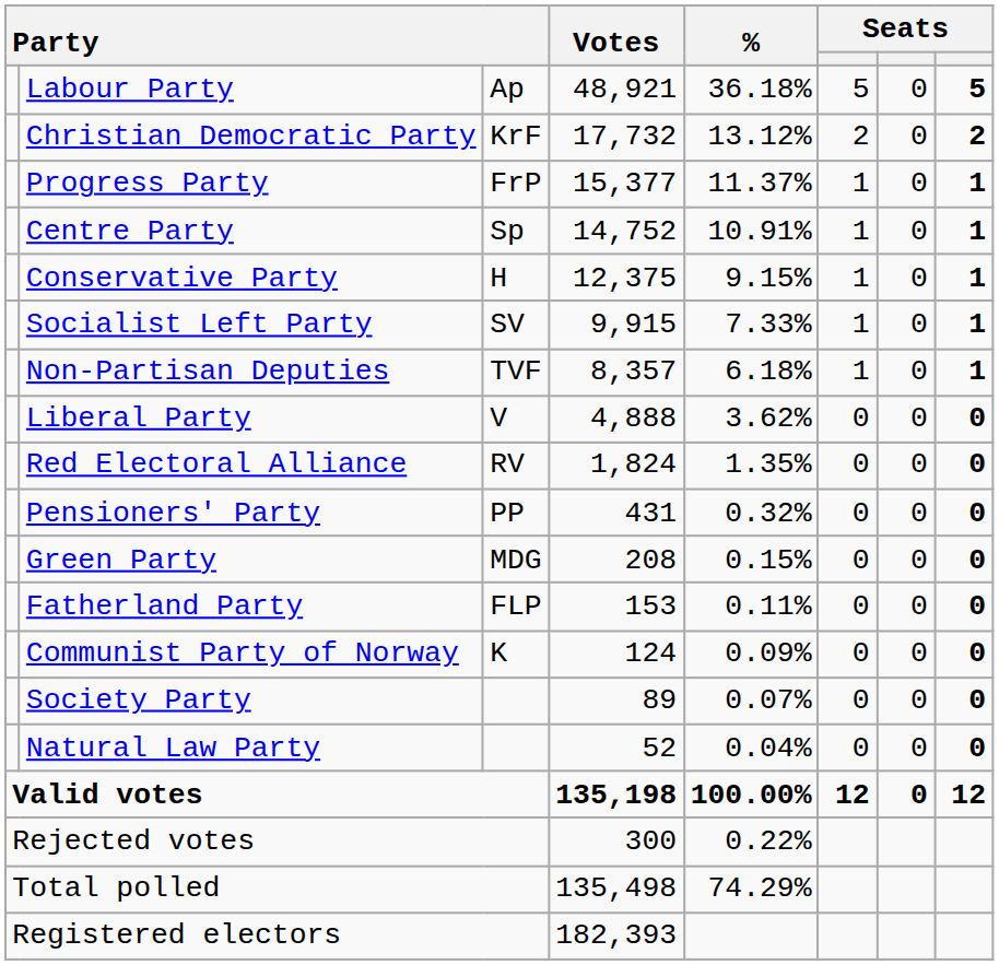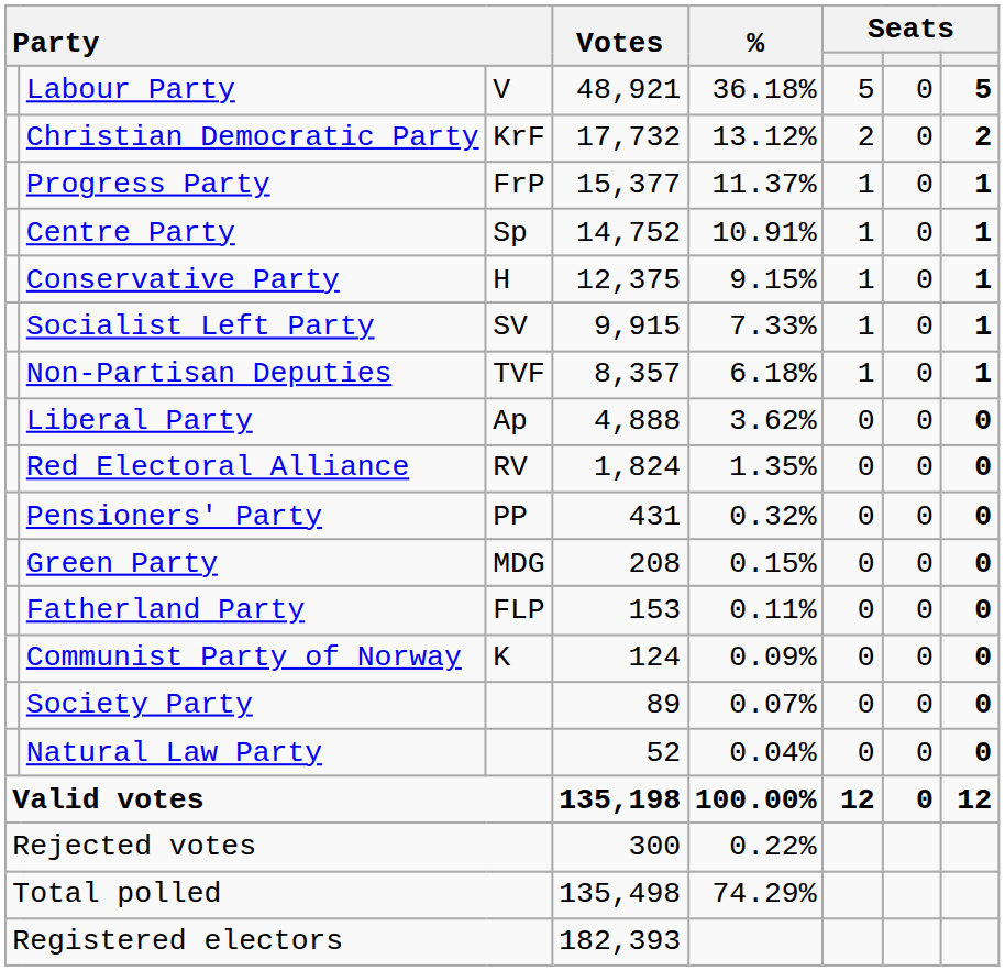 <table class="wikitable" border="1" style="text-align:right;">
 <tr>
 <th style="text-align:left;" valign=bottom rowspan=2 colspan=3>Party</th>
 <th align=center valign=bottom rowspan=2 width="50">Votes</th>
 <th align=center valign=bottom rowspan=2 width="50">%</th>
 <th colspan=3>Seats</th>
 </tr>
 <tr>
 <th align=center valign=bottom width="20"><small></small></th>
 <th align=center valign=bottom width="20"><small><a href='#'></a></small></th>
 <th align=center valign=bottom width="20"><small></small></th>
 </tr>
 <tr>
 <td style="color:inherit;background:"></td>
 <td align=left><a href='#'>Labour Party</a></td>
-<td align=left>Ap</td>
+<td align=left>V</td>
 <td>48,921</td>
 <td>36.18%</td>
 <td>5</td>
 <td>0</td>
 <td><strong>5</strong></td>
 </tr>
 <tr>
 <td style="color:inherit;background:"></td>
 <td align=left><a href='#'>Christian Democratic Party</a></td>
 <td align=left>KrF</td>
 <td>17,732</td>
 <td>13.12%</td>
 <td>2</td>
 <td>0</td>
 <td><strong>2</strong></td>
 </tr>
 <tr>
 <td style="color:inherit;background:"></td>
 <td align=left><a href='#'>Progress Party</a></td>
 <td align=left>FrP</td>
 <td>15,377</td>
 <td>11.37%</td>
 <td>1</td>
 <td>0</td>
 <td><strong>1</strong></td>
 </tr>
 <tr>
 <td style="color:inherit;background:"></td>
 <td align=left><a href='#'>Centre Party</a></td>
 <td align=left>Sp</td>
 <td>14,752</td>
 <td>10.91%</td>
 <td>1</td>
 <td>0</td>
 <td><strong>1</strong></td>
 </tr>
 <tr>
 <td style="color:inherit;background:"></td>
 <td align=left><a href='#'>Conservative Party</a></td>
 <td align=left>H</td>
 <td>12,375</td>
 <td>9.15%</td>
 <td>1</td>
 <td>0</td>
 <td><strong>1</strong></td>
 </tr>
 <tr>
 <td style="color:inherit;background:"></td>
 <td align=left><a href='#'>Socialist Left Party</a></td>
 <td align=left>SV</td>
 <td>9,915</td>
 <td>7.33%</td>
 <td>1</td>
 <td>0</td>
 <td><strong>1</strong></td>
 </tr>
 <tr>
 <td></td>
 <td align=left><a href='#'>Non-Partisan Deputies</a></td>
 <td align=left>TVF</td>
 <td>8,357</td>
 <td>6.18%</td>
 <td>1</td>
 <td>0</td>
 <td><strong>1</strong></td>
 </tr>
 <tr>
 <td style="color:inherit;background:"></td>
 <td align=left><a href='#'>Liberal Party</a></td>
-<td align=left>V</td>
+<td align=left>Ap</td>
 <td>4,888</td>
 <td>3.62%</td>
 <td>0</td>
 <td>0</td>
 <td><strong>0</strong></td>
 </tr>
 <tr>
 <td style="color:inherit;background:"></td>
 <td align=left><a href='#'>Red Electoral Alliance</a></td>
 <td align=left>RV</td>
 <td>1,824</td>
 <td>1.35%</td>
 <td>0</td>
 <td>0</td>
 <td><strong>0</strong></td>
 </tr>
 <tr>
 <td style="color:inherit;background:"></td>
 <td align=left><a href='#'>Pensioners' Party</a></td>
 <td align=left>PP</td>
 <td>431</td>
 <td>0.32%</td>
 <td>0</td>
 <td>0</td>
 <td><strong>0</strong></td>
 </tr>
 <tr>
 <td style="color:inherit;background:"></td>
 <td align=left><a href='#'>Green Party</a></td>
 <td align=left>MDG</td>
 <td>208</td>
 <td>0.15%</td>
 <td>0</td>
 <td>0</td>
 <td><strong>0</strong></td>
 </tr>
 <tr>
 <td style="color:inherit;background:"></td>
 <td align=left><a href='#'>Fatherland Party</a></td>
 <td align=left>FLP</td>
 <td>153</td>
 <td>0.11%</td>
 <td>0</td>
 <td>0</td>
 <td><strong>0</strong></td>
 </tr>
 <tr>
 <td style="color:inherit;background:"></td>
 <td align=left><a href='#'>Communist Party of Norway</a></td>
 <td align=left>K</td>
 <td>124</td>
 <td>0.09%</td>
 <td>0</td>
 <td>0</td>
 <td><strong>0</strong></td>
 </tr>
 <tr>
 <td style="color:inherit;background:"></td>
 <td align=left><a href='#'>Society Party</a></td>
 <td align=left></td>
 <td>89</td>
 <td>0.07%</td>
 <td>0</td>
 <td>0</td>
 <td><strong>0</strong></td>
 </tr>
 <tr>
 <td></td>
 <td align=left><a href='#'>Natural Law Party</a></td>
 <td align=left></td>
 <td>52</td>
 <td>0.04%</td>
 <td>0</td>
 <td>0</td>
 <td><strong>0</strong></td>
 </tr>
 <tr style="font-weight:bold">
 <td align=left colspan=3>Valid votes</td>
 <td>135,198</td>
 <td>100.00%</td>
 <td>12</td>
 <td>0</td>
 <td>12</td>
 </tr>
 <tr>
 <td align=left colspan=3>Rejected votes</td>
 <td>300</td>
 <td>0.22%</td>
 <td></td>
 <td></td>
 <td></td>
 </tr>
 <tr>
 <td align=left colspan=3>Total polled</td>
 <td>135,498</td>
 <td>74.29%</td>
 <td></td>
 <td></td>
 <td></td>
 </tr>
 <tr>
 <td align=left colspan=3>Registered electors</td>
 <td>182,393</td>
 <td></td>
 <td></td>
 <td></td>
 <td></td>
 </tr>
 </table>
